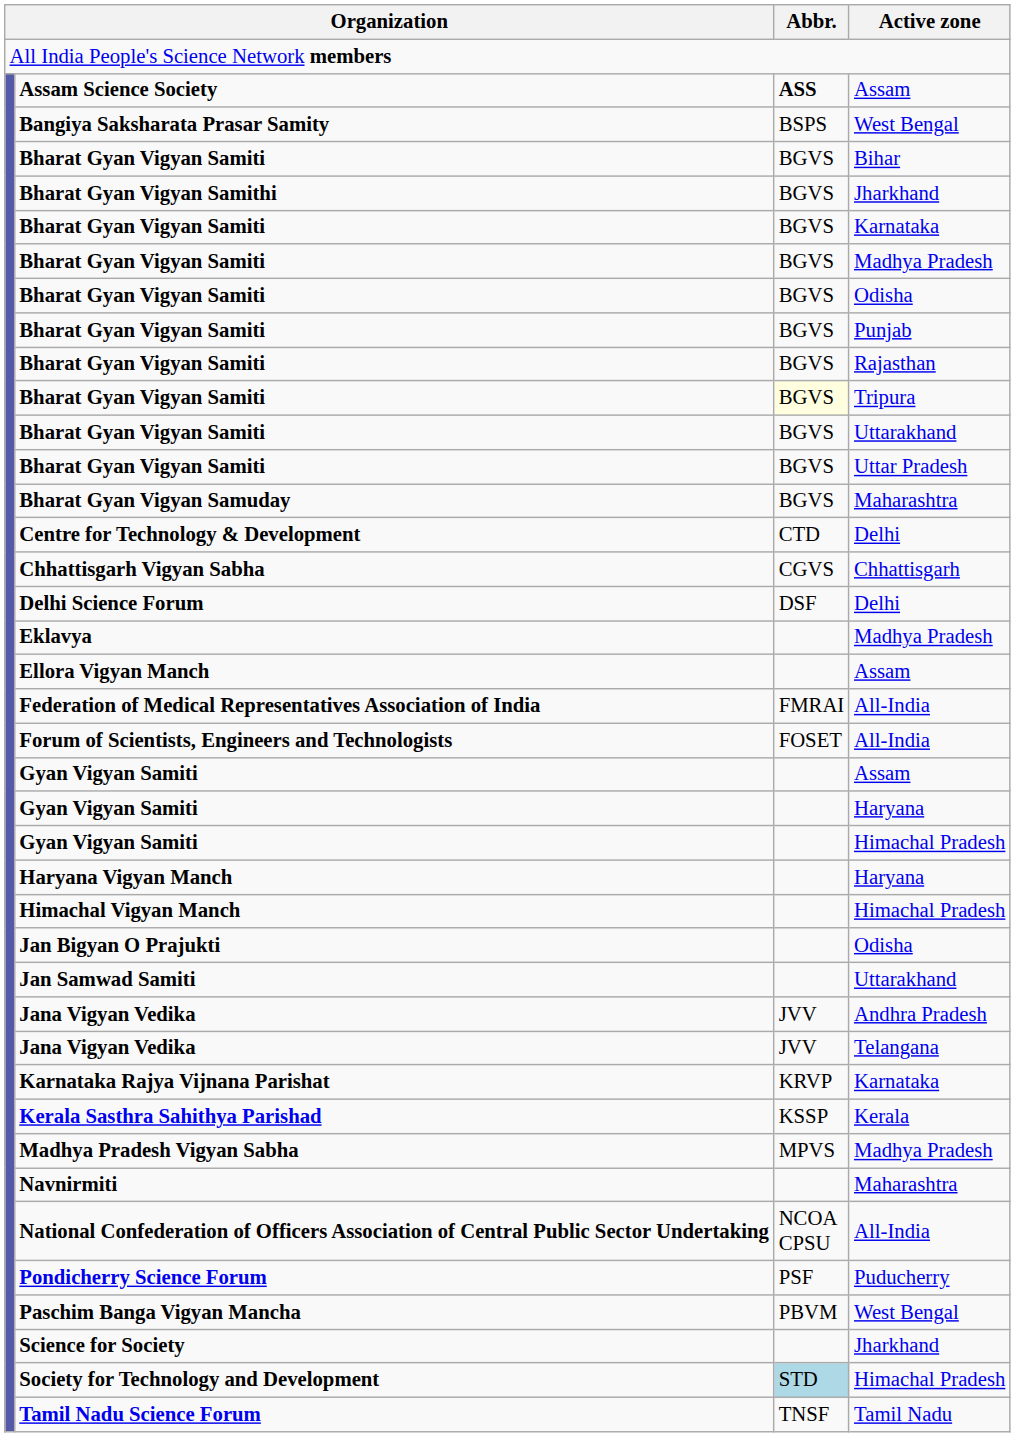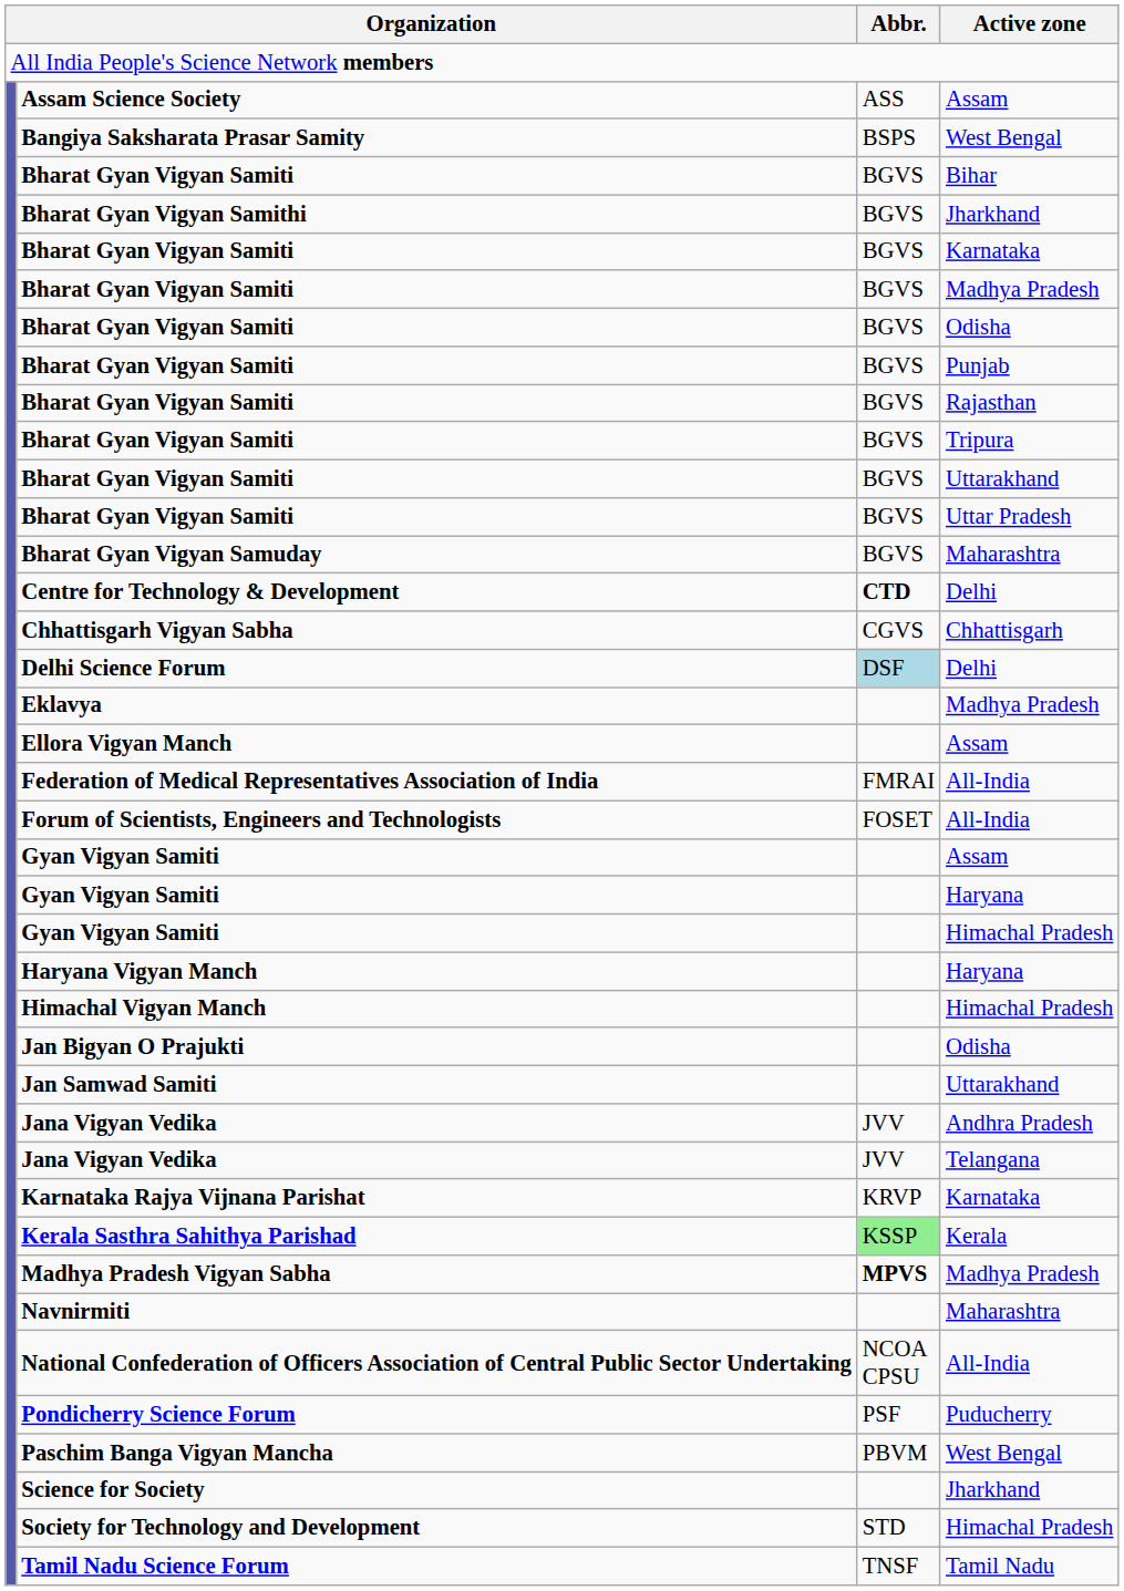 <table class="wikitable" style="font-size:90%">
 <tr>
 <th colspan="2">Organization</th>
 <th>Abbr.</th>
 <th>Active zone</th>
 </tr>
 <tr>
 <td colspan="4"><a href='#'>All India People's Science Network</a> <strong>members</strong></td>
 </tr>
 <tr>
 <td rowspan="39" style="background-color:#545AA7"></td>
 <td><strong>Assam Science Society</strong></td>
-<td><strong>ASS</strong></td>
+<td>ASS</td>
 <td><a href='#'>Assam</a></td>
 </tr>
 <tr>
 <td><strong>Bangiya Saksharata Prasar Samity</strong></td>
 <td>BSPS</td>
 <td><a href='#'>West Bengal</a></td>
 </tr>
 <tr>
 <td><strong>Bharat Gyan Vigyan Samiti</strong></td>
 <td>BGVS</td>
 <td><a href='#'>Bihar</a></td>
 </tr>
 <tr>
 <td><strong>Bharat Gyan Vigyan Samithi</strong></td>
 <td>BGVS</td>
 <td><a href='#'>Jharkhand</a></td>
 </tr>
 <tr>
 <td><strong>Bharat Gyan Vigyan Samiti</strong></td>
 <td>BGVS</td>
 <td><a href='#'>Karnataka</a></td>
 </tr>
 <tr>
 <td><strong>Bharat Gyan Vigyan Samiti</strong></td>
 <td>BGVS</td>
 <td><a href='#'>Madhya Pradesh</a></td>
 </tr>
 <tr>
 <td><strong>Bharat Gyan Vigyan Samiti</strong></td>
 <td>BGVS</td>
 <td><a href='#'>Odisha</a></td>
 </tr>
 <tr>
 <td><strong>Bharat Gyan Vigyan Samiti</strong></td>
 <td>BGVS</td>
 <td><a href='#'>Punjab</a></td>
 </tr>
 <tr>
 <td><strong>Bharat Gyan Vigyan Samiti</strong></td>
 <td>BGVS</td>
 <td><a href='#'>Rajasthan</a></td>
 </tr>
 <tr>
 <td><strong>Bharat Gyan Vigyan Samiti</strong></td>
-<td style="background: lightyellow;">BGVS</td>
+<td>BGVS</td>
 <td><a href='#'>Tripura</a></td>
 </tr>
 <tr>
 <td><strong>Bharat Gyan Vigyan Samiti</strong></td>
 <td>BGVS</td>
 <td><a href='#'>Uttarakhand</a></td>
 </tr>
 <tr>
 <td><strong>Bharat Gyan Vigyan Samiti</strong></td>
 <td>BGVS</td>
 <td><a href='#'>Uttar Pradesh</a></td>
 </tr>
 <tr>
 <td><strong>Bharat Gyan Vigyan Samuday</strong></td>
 <td>BGVS</td>
 <td><a href='#'>Maharashtra</a></td>
 </tr>
 <tr>
 <td><strong>Centre for Technology & Development</strong></td>
-<td>CTD</td>
+<td><strong>CTD</strong></td>
 <td><a href='#'>Delhi</a></td>
 </tr>
 <tr>
 <td><strong>Chhattisgarh Vigyan Sabha</strong></td>
 <td>CGVS</td>
 <td><a href='#'>Chhattisgarh</a></td>
 </tr>
 <tr>
 <td><strong>Delhi Science Forum</strong></td>
-<td>DSF</td>
+<td style="background: lightblue;">DSF</td>
 <td><a href='#'>Delhi</a></td>
 </tr>
 <tr>
 <td><strong>Eklavya</strong></td>
 <td></td>
 <td><a href='#'>Madhya Pradesh</a></td>
 </tr>
 <tr>
 <td><strong>Ellora Vigyan Manch</strong></td>
 <td></td>
 <td><a href='#'>Assam</a></td>
 </tr>
 <tr>
 <td><strong>Federation of Medical Representatives Association of India</strong></td>
 <td>FMRAI</td>
 <td><a href='#'>All-India</a></td>
 </tr>
 <tr>
 <td><strong>Forum of Scientists, Engineers and Technologists</strong></td>
 <td>FOSET</td>
 <td><a href='#'>All-India</a></td>
 </tr>
 <tr>
 <td><strong>Gyan Vigyan Samiti</strong></td>
 <td></td>
 <td><a href='#'>Assam</a></td>
 </tr>
 <tr>
 <td><strong>Gyan Vigyan Samiti</strong></td>
 <td></td>
 <td><a href='#'>Haryana</a></td>
 </tr>
 <tr>
 <td><strong>Gyan Vigyan Samiti</strong></td>
 <td></td>
 <td><a href='#'>Himachal Pradesh</a></td>
 </tr>
 <tr>
 <td><strong>Haryana Vigyan Manch</strong></td>
 <td></td>
 <td><a href='#'>Haryana</a></td>
 </tr>
 <tr>
 <td><strong>Himachal Vigyan Manch</strong></td>
 <td></td>
 <td><a href='#'>Himachal Pradesh</a></td>
 </tr>
 <tr>
 <td><strong>Jan Bigyan O Prajukti</strong></td>
 <td></td>
 <td><a href='#'>Odisha</a></td>
 </tr>
 <tr>
 <td><strong>Jan Samwad Samiti</strong></td>
 <td></td>
 <td><a href='#'>Uttarakhand</a></td>
 </tr>
 <tr>
 <td><strong>Jana Vigyan Vedika</strong></td>
 <td>JVV</td>
 <td><a href='#'>Andhra Pradesh</a></td>
 </tr>
 <tr>
 <td><strong>Jana Vigyan Vedika</strong></td>
 <td>JVV</td>
 <td><a href='#'>Telangana</a></td>
 </tr>
 <tr>
 <td><strong>Karnataka Rajya Vijnana Parishat</strong></td>
 <td>KRVP</td>
 <td><a href='#'>Karnataka</a></td>
 </tr>
 <tr>
 <td><strong><a href='#'>Kerala Sasthra Sahithya Parishad</a></strong></td>
-<td>KSSP</td>
+<td style="background: lightgreen;">KSSP</td>
 <td><a href='#'>Kerala</a></td>
 </tr>
 <tr>
 <td><strong>Madhya Pradesh Vigyan Sabha</strong></td>
-<td>MPVS</td>
+<td><strong>MPVS</strong></td>
 <td><a href='#'>Madhya Pradesh</a></td>
 </tr>
 <tr>
 <td><strong>Navnirmiti</strong></td>
 <td></td>
 <td><a href='#'>Maharashtra</a></td>
 </tr>
 <tr>
 <td><strong>National Confederation of Officers Association of Central Public Sector Undertaking</strong></td>
 <td>NCOA<br>CPSU</td>
 <td><a href='#'>All-India</a></td>
 </tr>
 <tr>
 <td><strong><a href='#'>Pondicherry Science Forum</a></strong></td>
 <td>PSF</td>
 <td><a href='#'>Puducherry</a></td>
 </tr>
 <tr>
 <td><strong>Paschim Banga Vigyan Mancha</strong></td>
 <td>PBVM</td>
 <td><a href='#'>West Bengal</a></td>
 </tr>
 <tr>
 <td><strong>Science for Society</strong></td>
 <td></td>
 <td><a href='#'>Jharkhand</a></td>
 </tr>
 <tr>
 <td><strong>Society for Technology and Development</strong></td>
-<td style="background: lightblue;">STD</td>
+<td>STD</td>
 <td><a href='#'>Himachal Pradesh</a></td>
 </tr>
 <tr>
 <td><strong><a href='#'>Tamil Nadu Science Forum</a></strong></td>
 <td>TNSF</td>
 <td><a href='#'>Tamil Nadu</a></td>
 </tr>
 </table>
